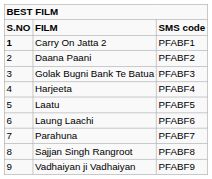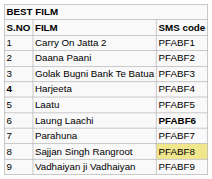 <table class="wikitable">
 <tr>
 <td colspan="3"><strong>BEST FILM</strong></td>
 </tr>
 <tr>
 <td><strong>S.NO</strong></td>
 <td><strong>FILM</strong></td>
 <td><strong>SMS code</strong></td>
 </tr>
 <tr>
-<td><strong>1</strong></td>
+<td>1</td>
 <td>Carry On Jatta 2</td>
 <td>PFABF1</td>
 </tr>
 <tr>
 <td>2</td>
 <td>Daana Paani</td>
 <td>PFABF2</td>
 </tr>
 <tr>
 <td>3</td>
 <td>Golak Bugni Bank Te Batua</td>
 <td>PFABF3</td>
 </tr>
 <tr>
-<td>4</td>
+<td><strong>4</strong></td>
 <td>Harjeeta</td>
 <td>PFABF4</td>
 </tr>
 <tr>
 <td>5</td>
 <td>Laatu</td>
 <td>PFABF5</td>
 </tr>
 <tr>
 <td>6</td>
 <td>Laung Laachi</td>
-<td>PFABF6</td>
+<td><strong>PFABF6</strong></td>
 </tr>
 <tr>
 <td>7</td>
 <td>Parahuna</td>
 <td>PFABF7</td>
 </tr>
 <tr>
 <td>8</td>
 <td>Sajjan Singh Rangroot</td>
-<td>PFABF8</td>
+<td style="background: khaki;">PFABF8</td>
 </tr>
 <tr>
 <td>9</td>
 <td>Vadhaiyan ji Vadhaiyan</td>
 <td>PFABF9</td>
 </tr>
 </table>
